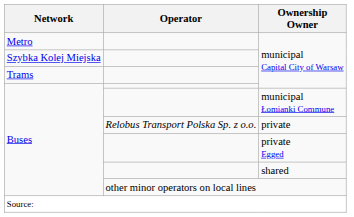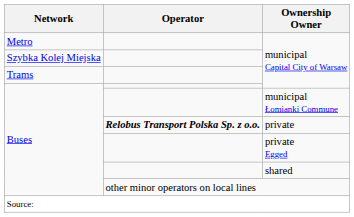 <table class="wikitable">
 <tr>
 <th>Network</th>
 <th>Operator</th>
 <th>Ownership<br>Owner</th>
 </tr>
 <tr>
 <td><a href='#'>Metro</a></td>
 <td></td>
 <td rowspan="4">municipal<br><a href='#'><small>Capital City of Warsaw</small></a></td>
 </tr>
 <tr>
 <td><a href='#'>Szybka Kolej Miejska</a></td>
 <td></td>
 </tr>
 <tr>
 <td><a href='#'>Trams</a></td>
 <td></td>
 </tr>
 <tr>
 <td rowspan="6"><a href='#'>Buses</a></td>
 <td></td>
 </tr>
 <tr>
 <td></td>
 <td>municipal<br><a href='#'><small>Łomianki Commune</small></a></td>
 </tr>
 <tr>
-<td><em>Relobus Transport Polska Sp. z o.o.</em></td>
+<td><strong><em>Relobus Transport Polska Sp. z o.o.</em></strong></td>
 <td>private</td>
 </tr>
 <tr>
 <td></td>
 <td>private<br><a href='#'><small>Egged</small></a></td>
 </tr>
 <tr>
 <td></td>
 <td>shared</td>
 </tr>
 <tr>
 <td colspan="2">other minor operators on local lines</td>
 </tr>
 <tr>
 <td colspan="3" style="background:white"><small>Source:</small></td>
 </tr>
 </table>
